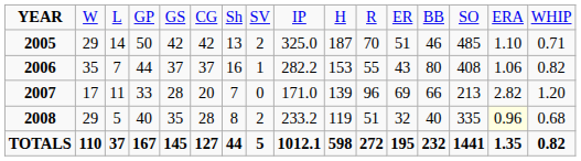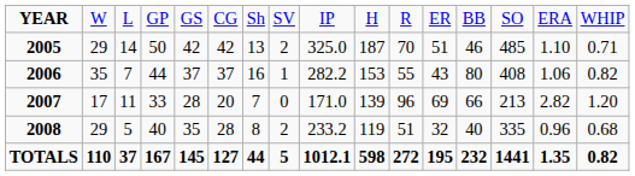 <table class="wikitable">
 <tr align=center>
 <td><strong>YEAR</strong></td>
 <td><a href='#'>W</a></td>
 <td><a href='#'>L</a></td>
 <td><a href='#'>GP</a></td>
 <td><a href='#'>GS</a></td>
 <td><a href='#'>CG</a></td>
 <td><a href='#'>Sh</a></td>
 <td><a href='#'>SV</a></td>
 <td><a href='#'>IP</a></td>
 <td><a href='#'>H</a></td>
 <td><a href='#'>R</a></td>
 <td><a href='#'>ER</a></td>
 <td><a href='#'>BB</a></td>
 <td><a href='#'>SO</a></td>
 <td><a href='#'>ERA</a></td>
 <td><a href='#'>WHIP</a></td>
 </tr>
 <tr align=center>
 <td><strong>2005</strong></td>
 <td>29</td>
 <td>14</td>
 <td>50</td>
 <td>42</td>
 <td>42</td>
 <td>13</td>
 <td>2</td>
 <td>325.0</td>
 <td>187</td>
 <td>70</td>
 <td>51</td>
 <td>46</td>
 <td>485</td>
 <td>1.10</td>
 <td>0.71</td>
 </tr>
 <tr align=center>
 <td><strong>2006</strong></td>
 <td>35</td>
 <td>7</td>
 <td>44</td>
 <td>37</td>
 <td>37</td>
 <td>16</td>
 <td>1</td>
 <td>282.2</td>
 <td>153</td>
 <td>55</td>
 <td>43</td>
 <td>80</td>
 <td>408</td>
 <td>1.06</td>
 <td>0.82</td>
 </tr>
 <tr align=center>
 <td><strong>2007</strong></td>
 <td>17</td>
 <td>11</td>
 <td>33</td>
 <td>28</td>
 <td>20</td>
 <td>7</td>
 <td>0</td>
 <td>171.0</td>
 <td>139</td>
 <td>96</td>
 <td>69</td>
 <td>66</td>
 <td>213</td>
 <td>2.82</td>
 <td>1.20</td>
 </tr>
 <tr align=center>
 <td><strong>2008</strong></td>
 <td>29</td>
 <td>5</td>
 <td>40</td>
 <td>35</td>
 <td>28</td>
 <td>8</td>
 <td>2</td>
 <td>233.2</td>
 <td>119</td>
 <td>51</td>
 <td>32</td>
 <td>40</td>
 <td>335</td>
-<td style="background: lightyellow;">0.96</td>
+<td>0.96</td>
 <td>0.68</td>
 </tr>
 <tr align=center>
 <td><strong>TOTALS</strong></td>
 <td><strong>110</strong></td>
 <td><strong>37</strong></td>
 <td><strong>167</strong></td>
 <td><strong>145</strong></td>
 <td><strong>127</strong></td>
 <td><strong>44</strong></td>
 <td><strong>5</strong></td>
 <td><strong>1012.1</strong></td>
 <td><strong>598</strong></td>
 <td><strong>272</strong></td>
 <td><strong>195</strong></td>
 <td><strong>232</strong></td>
 <td><strong>1441</strong></td>
 <td><strong>1.35</strong></td>
 <td><strong>0.82</strong></td>
 </tr>
 </table>
